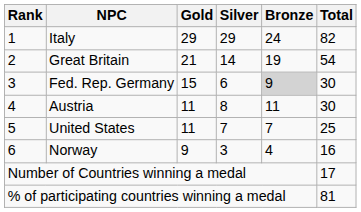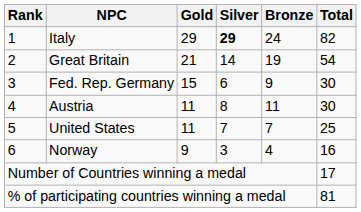 <table class="wikitable">
 <tr>
 <th>Rank</th>
 <th>NPC</th>
 <th>Gold</th>
 <th>Silver</th>
 <th>Bronze</th>
 <th>Total</th>
 </tr>
 <tr>
 <td>1</td>
 <td>Italy</td>
 <td>29</td>
-<td>29</td>
+<td><strong>29</strong></td>
 <td>24</td>
 <td>82</td>
 </tr>
 <tr>
 <td>2</td>
 <td>Great Britain</td>
 <td>21</td>
 <td>14</td>
 <td>19</td>
 <td>54</td>
 </tr>
 <tr>
 <td>3</td>
 <td>Fed. Rep. Germany</td>
 <td>15</td>
 <td>6</td>
-<td style="background: lightgrey;">9</td>
+<td>9</td>
 <td>30</td>
 </tr>
 <tr>
 <td>4</td>
 <td>Austria</td>
 <td>11</td>
 <td>8</td>
 <td>11</td>
 <td>30</td>
 </tr>
 <tr>
 <td>5</td>
 <td>United States</td>
 <td>11</td>
 <td>7</td>
 <td>7</td>
 <td>25</td>
 </tr>
 <tr>
 <td>6</td>
 <td>Norway</td>
 <td>9</td>
 <td>3</td>
 <td>4</td>
 <td>16</td>
 </tr>
 <tr>
 <td colspan="5">Number of Countries winning a medal</td>
 <td>17</td>
 </tr>
 <tr>
 <td colspan="5">% of participating countries winning a medal</td>
 <td>81</td>
 </tr>
 </table>
